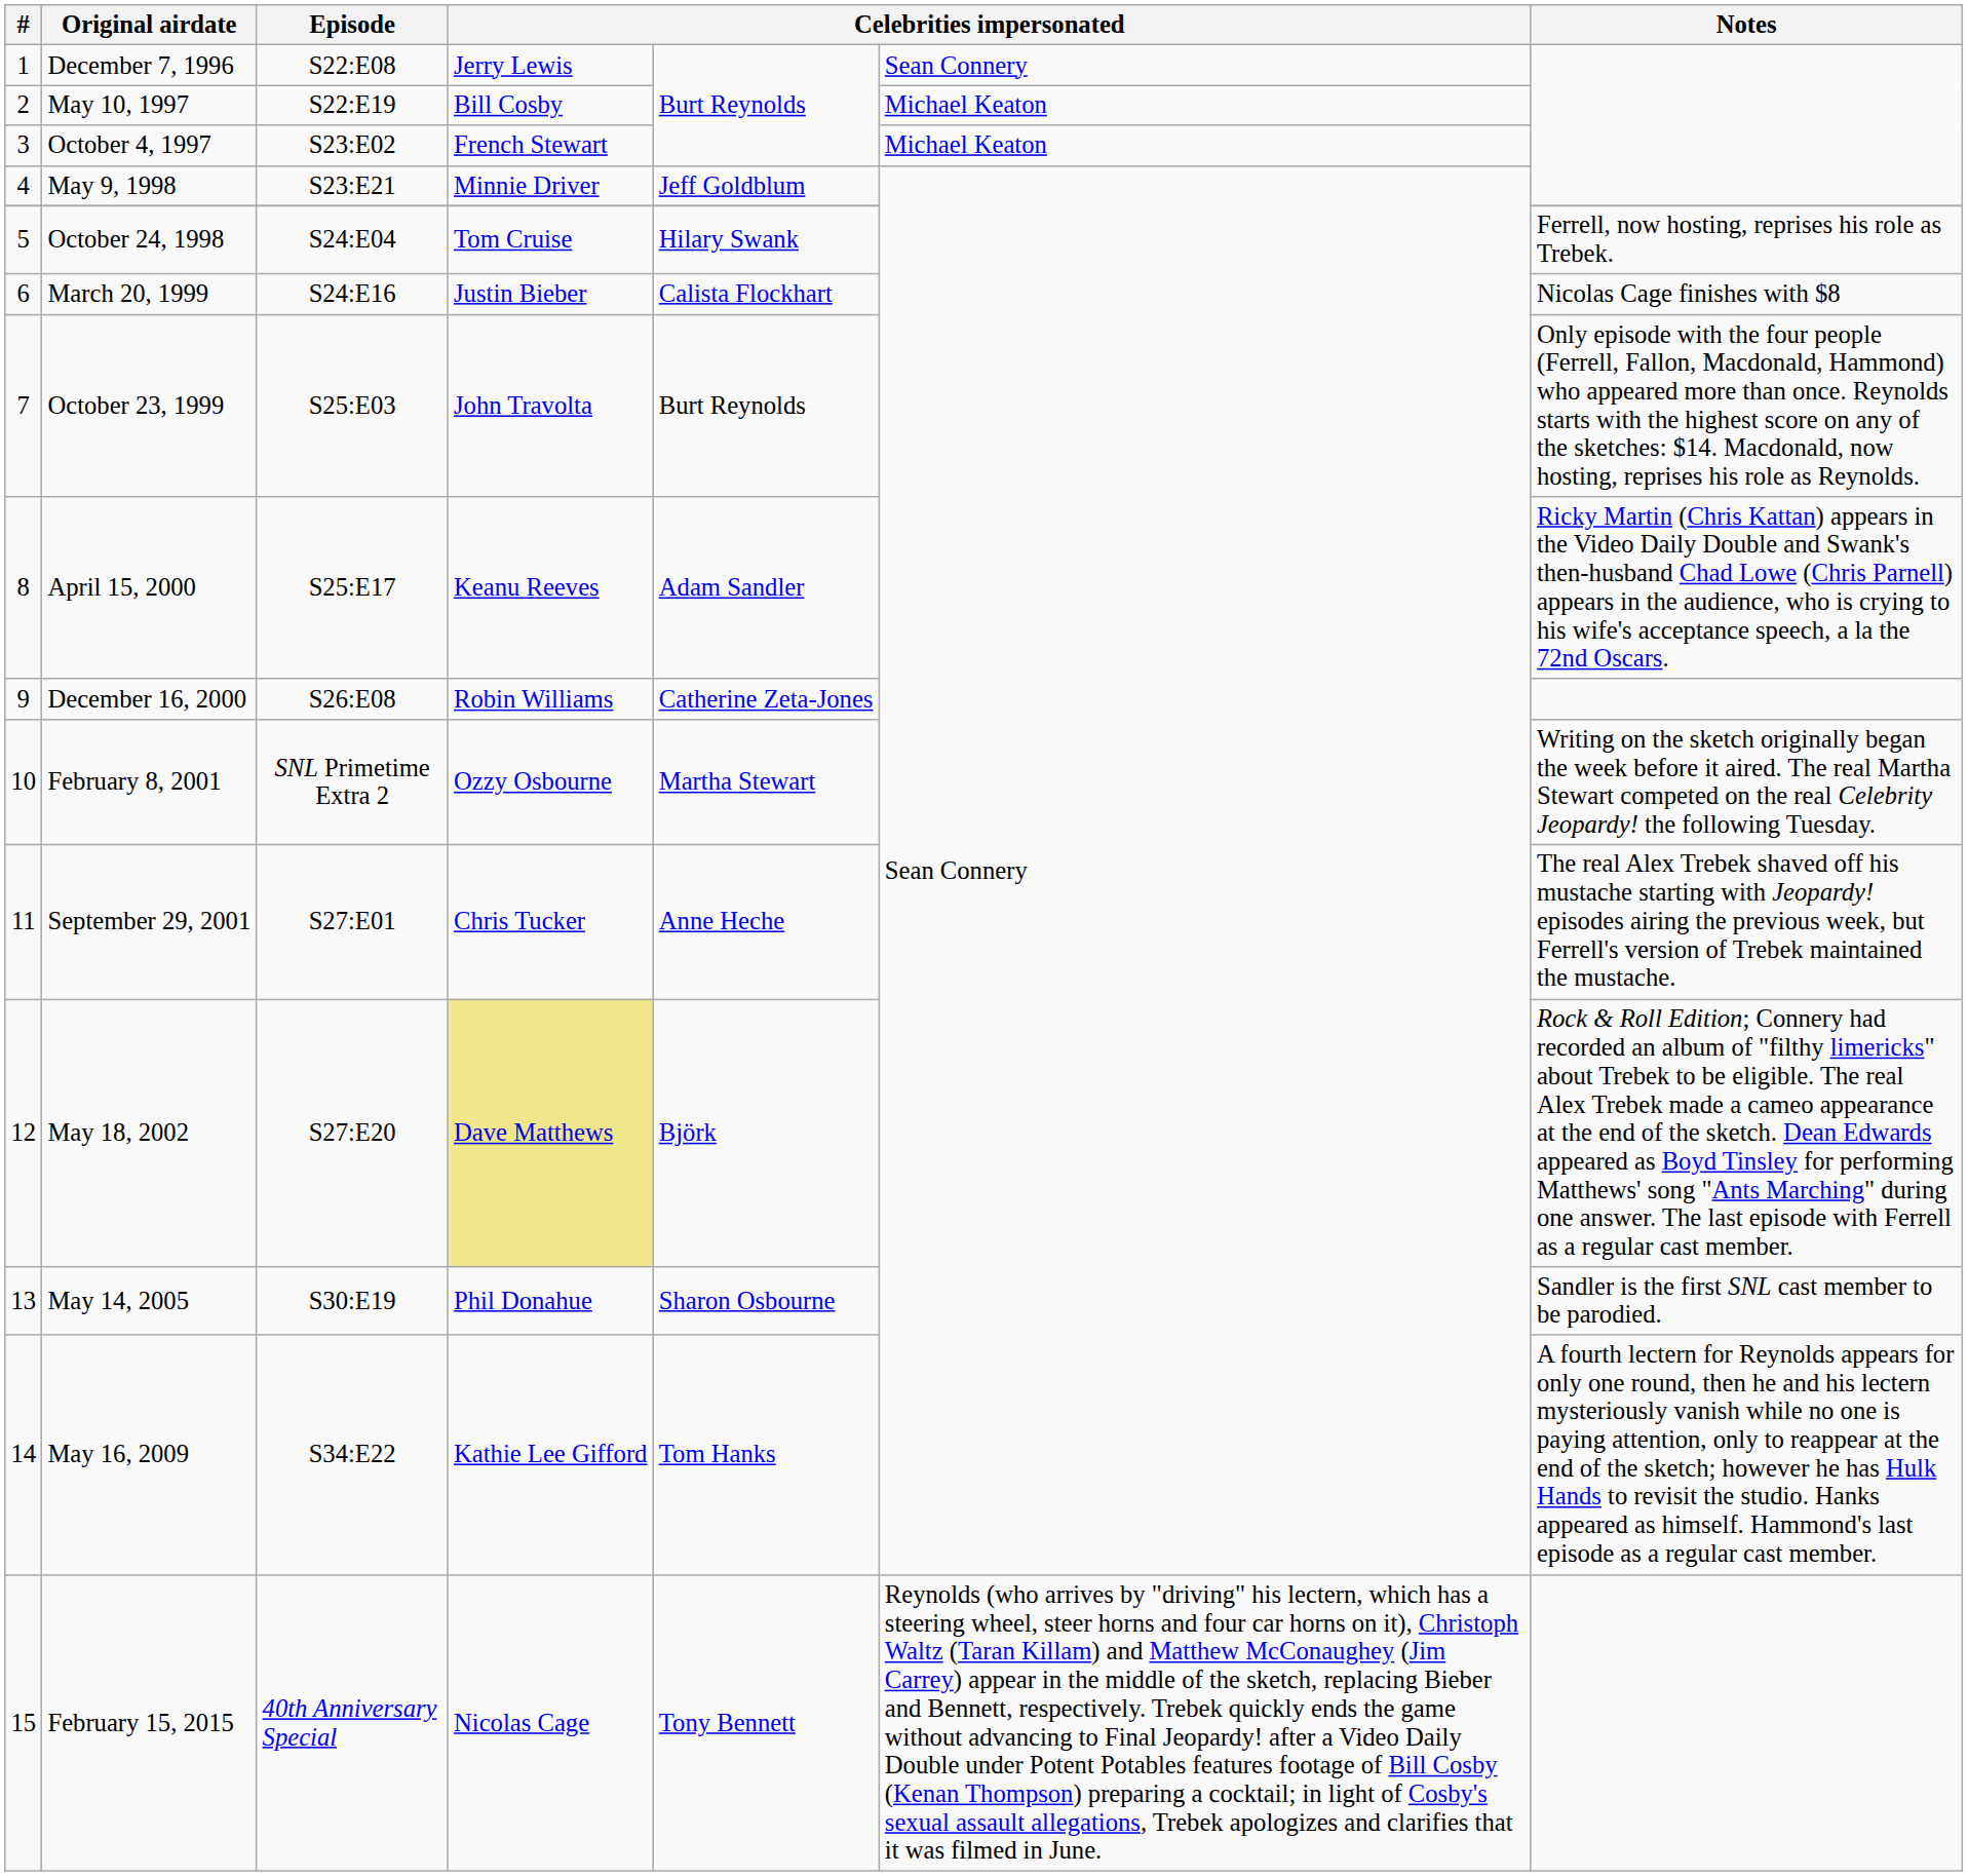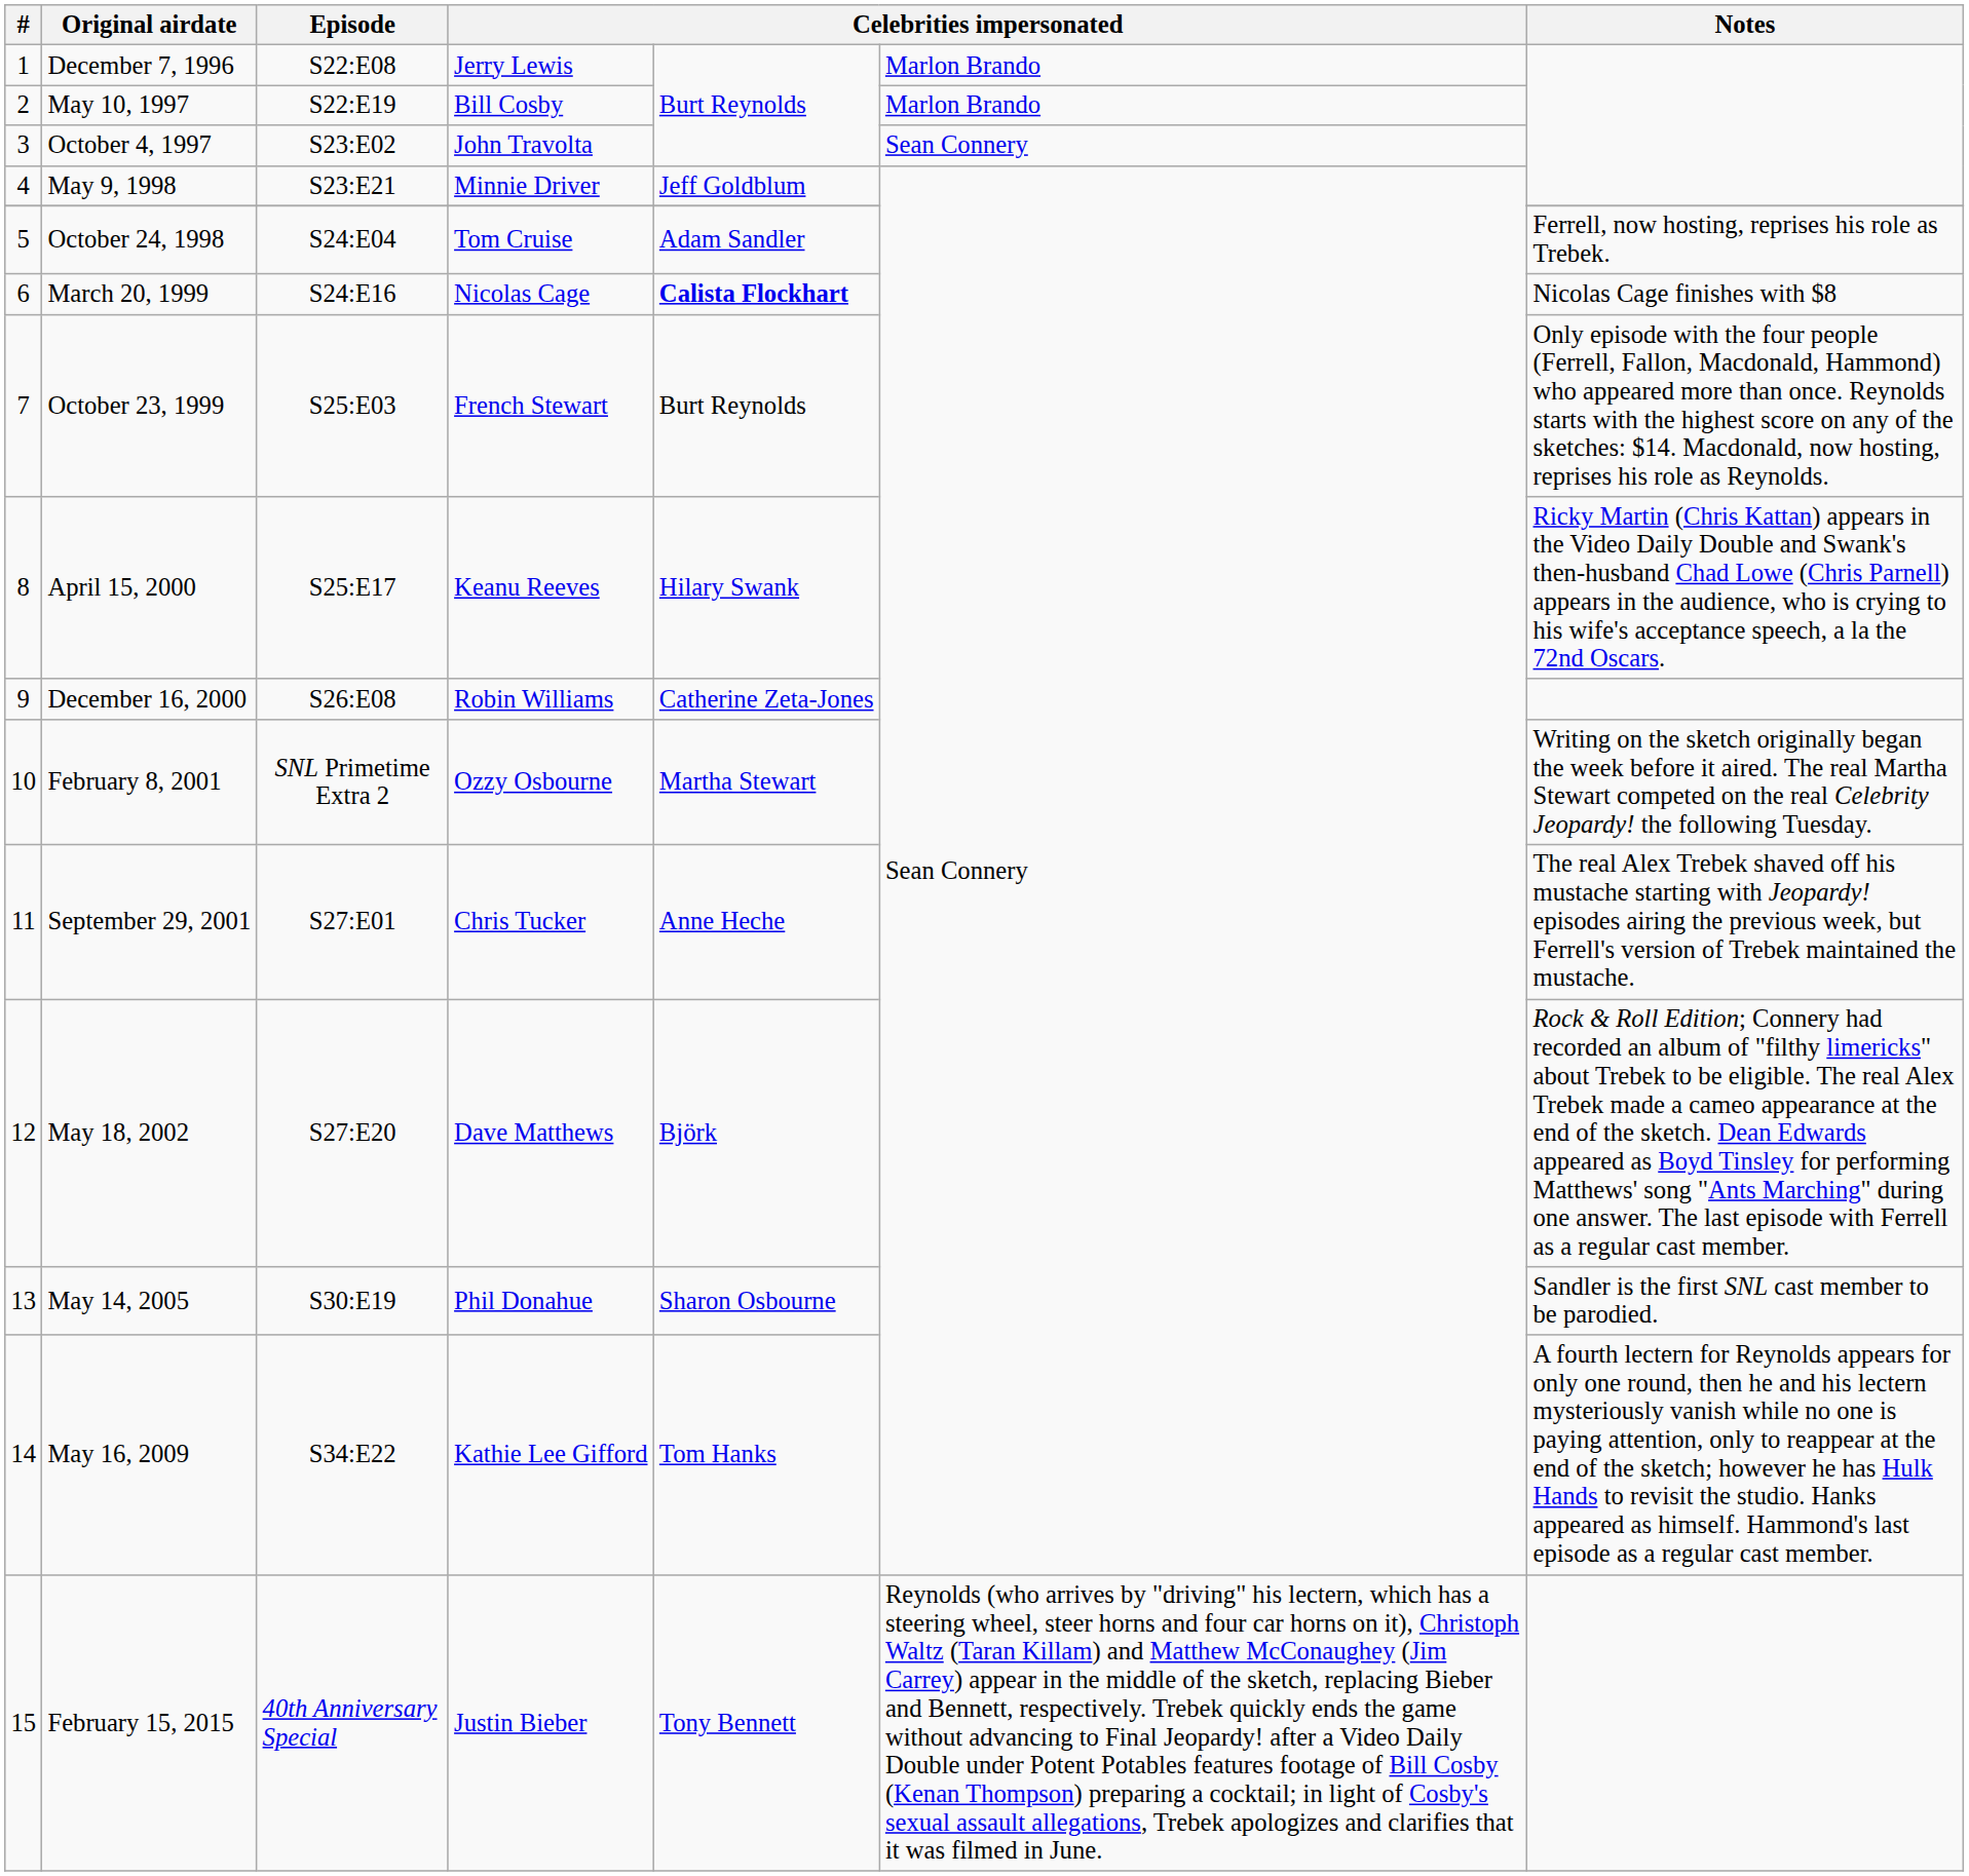 <table class="wikitable" style="width:98%;">
 <tr>
 <th>#</th>
 <th>Original airdate</th>
 <th>Episode</th>
 <th colspan="3">Celebrities impersonated</th>
 <th>Notes</th>
 </tr>
 <tr>
 <td align="center">1</td>
 <td>December 7, 1996</td>
 <td align="center">S22:E08</td>
 <td><a href='#'>Jerry Lewis</a></td>
 <td rowspan=3><a href='#'>Burt Reynolds</a></td>
-<td><a href='#'>Sean Connery</a></td>
+<td><a href='#'>Marlon Brando</a></td>
 <td rowspan="4"></td>
 </tr>
 <tr>
 <td align="center">2</td>
 <td>May 10, 1997</td>
 <td align="center">S22:E19</td>
 <td><a href='#'>Bill Cosby</a></td>
-<td style="white-space:nowrap;"><a href='#'>Michael Keaton</a></td>
+<td><a href='#'>Marlon Brando</a></td>
 </tr>
 <tr>
 <td align="center">3</td>
 <td>October 4, 1997</td>
 <td align="center">S23:E02</td>
-<td><a href='#'>French Stewart</a></td>
-<td style="white-space:nowrap;"><a href='#'>Michael Keaton</a></td>
+<td><a href='#'>John Travolta</a></td>
+<td><a href='#'>Sean Connery</a></td>
 </tr>
 <tr>
 <td align="center">4</td>
 <td>May 9, 1998</td>
 <td align="center">S23:E21</td>
 <td><a href='#'>Minnie Driver</a></td>
 <td><a href='#'>Jeff Goldblum</a></td>
 <td rowspan=12>Sean Connery</td>
 </tr>
 <tr>
 </tr>
 <tr>
 <td align="center">5</td>
 <td>October 24, 1998</td>
 <td align="center">S24:E04</td>
 <td><a href='#'>Tom Cruise</a></td>
-<td><a href='#'>Hilary Swank</a></td>
+<td><a href='#'>Adam Sandler</a></td>
 <td>Ferrell, now hosting, reprises his role as Trebek.</td>
 </tr>
 <tr>
 <td align="center">6</td>
 <td>March 20, 1999</td>
 <td align="center">S24:E16</td>
-<td><a href='#'>Justin Bieber</a></td>
-<td><a href='#'>Calista Flockhart</a></td>
+<td><a href='#'>Nicolas Cage</a></td>
+<td><strong><a href='#'>Calista Flockhart</a></strong></td>
 <td>Nicolas Cage finishes with $8</td>
 </tr>
 <tr>
 <td align="center">7</td>
 <td>October 23, 1999</td>
 <td align="center">S25:E03</td>
-<td><a href='#'>John Travolta</a></td>
+<td><a href='#'>French Stewart</a></td>
 <td>Burt Reynolds</td>
 <td>Only episode with the four people (Ferrell, Fallon, Macdonald, Hammond) who appeared more than once. Reynolds starts with the highest score on any of the sketches: $14. Macdonald, now hosting, reprises his role as Reynolds.</td>
 </tr>
 <tr>
 <td align="center">8</td>
 <td>April 15, 2000</td>
 <td align="center">S25:E17</td>
 <td><a href='#'>Keanu Reeves</a></td>
-<td><a href='#'>Adam Sandler</a></td>
+<td><a href='#'>Hilary Swank</a></td>
 <td><a href='#'>Ricky Martin</a> (<a href='#'>Chris Kattan</a>) appears in the Video Daily Double and Swank's then-husband <a href='#'>Chad Lowe</a> (<a href='#'>Chris Parnell</a>) appears in the audience, who is crying to his wife's acceptance speech, a la the <a href='#'>72nd Oscars</a>.</td>
 </tr>
 <tr>
 <td align="center">9</td>
 <td>December 16, 2000</td>
 <td align="center">S26:E08</td>
 <td><a href='#'>Robin Williams</a></td>
 <td style="white-space:nowrap;"><a href='#'>Catherine Zeta-Jones</a></td>
 <td></td>
 </tr>
 <tr>
 <td align="center">10</td>
 <td>February 8, 2001</td>
 <td align="center"><em>SNL</em> Primetime Extra 2</td>
 <td><a href='#'>Ozzy Osbourne</a></td>
 <td><a href='#'>Martha Stewart</a></td>
 <td>Writing on the sketch originally began the week before it aired. The real Martha Stewart competed on the real <em>Celebrity Jeopardy!</em> the following Tuesday.</td>
 </tr>
 <tr>
 <td align="center">11</td>
 <td style="white-space:nowrap;">September 29, 2001</td>
 <td align="center">S27:E01</td>
 <td><a href='#'>Chris Tucker</a></td>
 <td><a href='#'>Anne Heche</a></td>
 <td>The real Alex Trebek shaved off his mustache starting with <em>Jeopardy!</em> episodes airing the previous week, but Ferrell's version of Trebek maintained the mustache.</td>
 </tr>
 <tr>
 <td align="center">12</td>
 <td>May 18, 2002</td>
 <td align="center">S27:E20</td>
-<td style="background: khaki;"><a href='#'>Dave Matthews</a></td>
+<td><a href='#'>Dave Matthews</a></td>
 <td><a href='#'>Björk</a></td>
 <td><em>Rock & Roll Edition</em>; Connery had recorded an album of "filthy <a href='#'>limericks</a>" about Trebek to be eligible. The real Alex Trebek made a cameo appearance at the end of the sketch. <a href='#'>Dean Edwards</a> appeared as <a href='#'>Boyd Tinsley</a> for performing Matthews' song "<a href='#'>Ants Marching</a>" during one answer. The last episode with Ferrell as a regular cast member.</td>
 </tr>
 <tr>
 <td align="center">13</td>
 <td>May 14, 2005</td>
 <td align="center">S30:E19</td>
 <td><a href='#'>Phil Donahue</a></td>
 <td><a href='#'>Sharon Osbourne</a></td>
 <td>Sandler is the first <em>SNL</em> cast member to be parodied.</td>
 </tr>
 <tr>
 <td align="center">14</td>
 <td>May 16, 2009</td>
 <td align="center">S34:E22</td>
 <td style="white-space:nowrap;"><a href='#'>Kathie Lee Gifford</a></td>
 <td><a href='#'>Tom Hanks</a></td>
 <td>A fourth lectern for Reynolds appears for only one round, then he and his lectern mysteriously vanish while no one is paying attention, only to reappear at the end of the sketch; however he has <a href='#'>Hulk Hands</a> to revisit the studio. Hanks appeared as himself. Hammond's last episode as a regular cast member.</td>
 </tr>
 <tr>
 <td align="center">15</td>
 <td>February 15, 2015</td>
 <td style="white-space:nowrap; align:center;"><em><a href='#'>40th Anniversary<br>Special</a></em></td>
-<td><a href='#'>Nicolas Cage</a></td>
+<td><a href='#'>Justin Bieber</a></td>
 <td><a href='#'>Tony Bennett</a></td>
 <td>Reynolds (who arrives by "driving" his lectern, which has a steering wheel, steer horns and four car horns on it), <a href='#'>Christoph Waltz</a> (<a href='#'>Taran Killam</a>) and <a href='#'>Matthew McConaughey</a> (<a href='#'>Jim Carrey</a>) appear in the middle of the sketch, replacing Bieber and Bennett, respectively. Trebek quickly ends the game without advancing to Final Jeopardy! after a Video Daily Double under Potent Potables features footage of <a href='#'>Bill Cosby</a> (<a href='#'>Kenan Thompson</a>) preparing a cocktail; in light of <a href='#'>Cosby's sexual assault allegations</a>, Trebek apologizes and clarifies that it was filmed in June.</td>
 </tr>
 </table>
